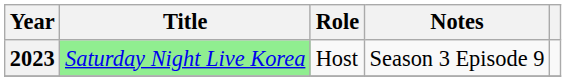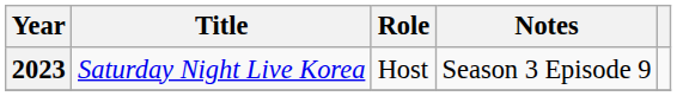 <table class="wikitable plainrowheaders sortable">
 <tr>
 <th scope="col">Year</th>
 <th scope="col">Title</th>
 <th scope="col">Role</th>
 <th scope="col" class="unsortable">Notes</th>
 <th scope="col" class="unsortable"></th>
 </tr>
 <tr>
 <th scope="row">2023</th>
-<td style="background: lightgreen;"><em><a href='#'>Saturday Night Live Korea</a></em></td>
+<td><em><a href='#'>Saturday Night Live Korea</a></em></td>
 <td>Host</td>
 <td>Season 3 Episode 9</td>
 <td style="text-align:center"></td>
 </tr>
 <tr>
 </tr>
 </table>
